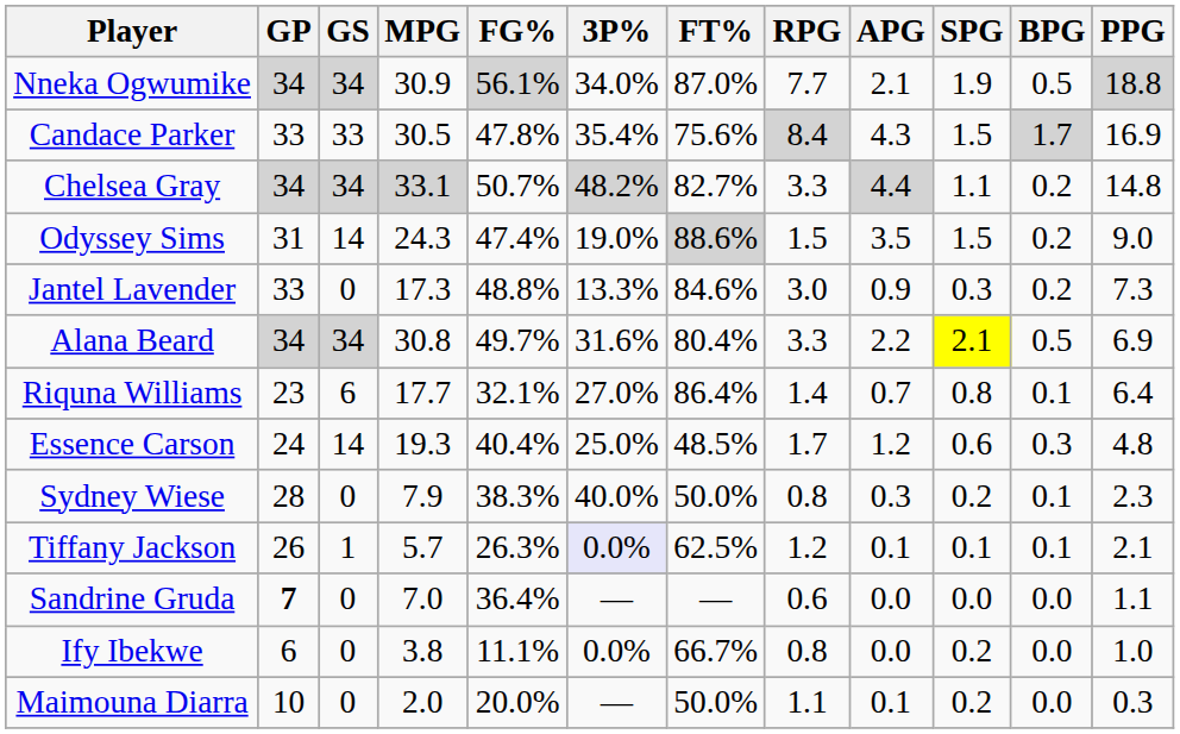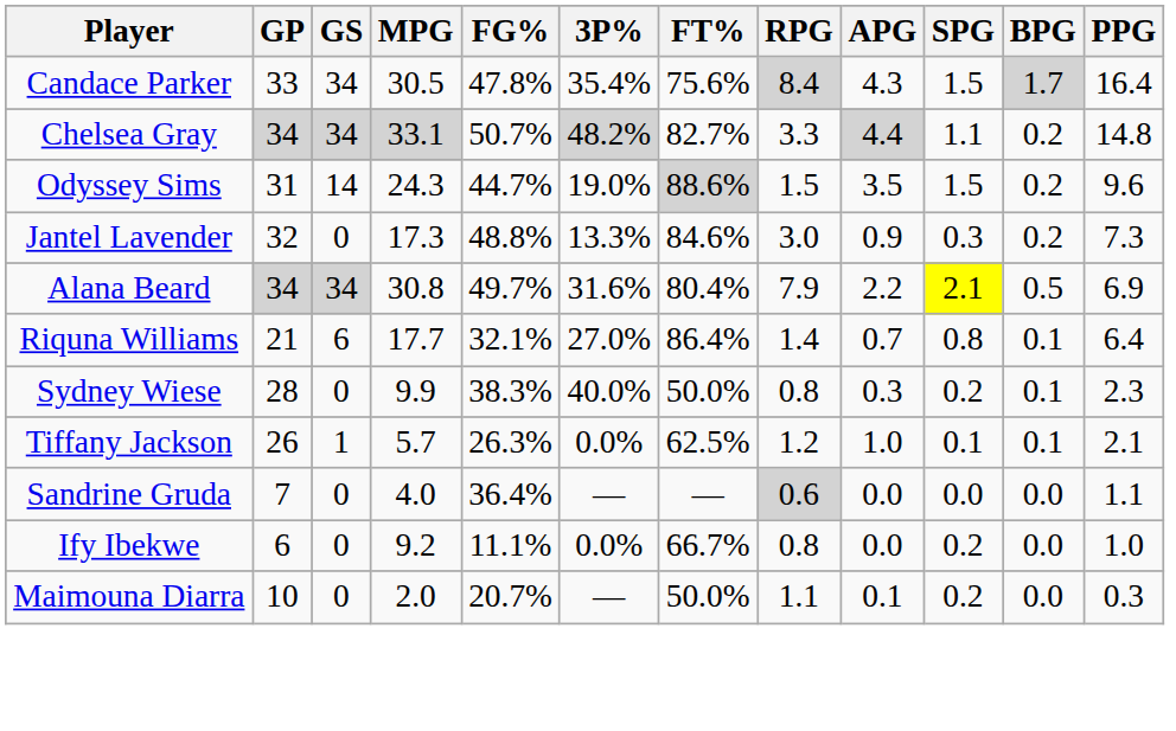 <table class="wikitable sortable" style="text-align:center;">
 <tr>
 <th>Player</th>
 <th>GP</th>
 <th>GS</th>
 <th>MPG</th>
 <th>FG%</th>
 <th>3P%</th>
 <th>FT%</th>
 <th>RPG</th>
 <th>APG</th>
 <th>SPG</th>
 <th>BPG</th>
 <th>PPG</th>
 </tr>
 <tr>
-<td><a href='#'>Nneka Ogwumike</a></td>
-<td style="background:#D3D3D3;">34</td>
-<td style="background:#D3D3D3;">34</td>
-<td>30.9</td>
-<td style="background:#D3D3D3;">56.1%</td>
-<td>34.0%</td>
-<td>87.0%</td>
-<td>7.7</td>
-<td>2.1</td>
-<td>1.9</td>
-<td>0.5</td>
-<td style="background:#D3D3D3;">18.8</td>
-</tr>
-<tr>
 <td><a href='#'>Candace Parker</a></td>
 <td>33</td>
-<td>33</td>
+<td>34</td>
 <td>30.5</td>
 <td>47.8%</td>
 <td>35.4%</td>
 <td>75.6%</td>
 <td style="background:#D3D3D3;">8.4</td>
 <td>4.3</td>
 <td>1.5</td>
 <td style="background:#D3D3D3;">1.7</td>
-<td>16.9</td>
+<td>16.4</td>
 </tr>
 <tr>
 <td><a href='#'>Chelsea Gray</a></td>
 <td style="background:#D3D3D3;">34</td>
 <td style="background:#D3D3D3;">34</td>
 <td style="background:#D3D3D3;">33.1</td>
 <td>50.7%</td>
 <td style="background:#D3D3D3;">48.2%</td>
 <td>82.7%</td>
 <td>3.3</td>
 <td style="background:#D3D3D3;">4.4</td>
 <td>1.1</td>
 <td>0.2</td>
 <td>14.8</td>
 </tr>
 <tr>
 <td><a href='#'>Odyssey Sims</a></td>
 <td>31</td>
 <td>14</td>
 <td>24.3</td>
-<td>47.4%</td>
+<td>44.7%</td>
 <td>19.0%</td>
 <td style="background:#D3D3D3;">88.6%</td>
 <td>1.5</td>
 <td>3.5</td>
 <td>1.5</td>
 <td>0.2</td>
-<td>9.0</td>
+<td>9.6</td>
 </tr>
 <tr>
 <td><a href='#'>Jantel Lavender</a></td>
-<td>33</td>
+<td>32</td>
 <td>0</td>
 <td>17.3</td>
 <td>48.8%</td>
 <td>13.3%</td>
 <td>84.6%</td>
 <td>3.0</td>
 <td>0.9</td>
 <td>0.3</td>
 <td>0.2</td>
 <td>7.3</td>
 </tr>
 <tr>
 <td><a href='#'>Alana Beard</a></td>
 <td style="background:#D3D3D3;">34</td>
 <td style="background:#D3D3D3;">34</td>
 <td>30.8</td>
 <td>49.7%</td>
 <td>31.6%</td>
 <td>80.4%</td>
-<td>3.3</td>
+<td>7.9</td>
 <td>2.2</td>
 <td style="background:yellow;">2.1</td>
 <td>0.5</td>
 <td>6.9</td>
 </tr>
 <tr>
 <td><a href='#'>Riquna Williams</a></td>
-<td>23</td>
+<td>21</td>
 <td>6</td>
 <td>17.7</td>
 <td>32.1%</td>
 <td>27.0%</td>
 <td>86.4%</td>
 <td>1.4</td>
 <td>0.7</td>
 <td>0.8</td>
 <td>0.1</td>
 <td>6.4</td>
 </tr>
 <tr>
-<td><a href='#'>Essence Carson</a></td>
-<td>24</td>
-<td>14</td>
-<td>19.3</td>
-<td>40.4%</td>
-<td>25.0%</td>
-<td>48.5%</td>
-<td>1.7</td>
-<td>1.2</td>
-<td>0.6</td>
-<td>0.3</td>
-<td>4.8</td>
-</tr>
-<tr>
 <td><a href='#'>Sydney Wiese</a></td>
 <td>28</td>
 <td>0</td>
-<td>7.9</td>
+<td>9.9</td>
 <td>38.3%</td>
 <td>40.0%</td>
 <td>50.0%</td>
 <td>0.8</td>
 <td>0.3</td>
 <td>0.2</td>
 <td>0.1</td>
 <td>2.3</td>
 </tr>
 <tr>
 <td><a href='#'>Tiffany Jackson</a></td>
 <td>26</td>
 <td>1</td>
 <td>5.7</td>
 <td>26.3%</td>
-<td style="background: lavender;">0.0%</td>
+<td>0.0%</td>
 <td>62.5%</td>
 <td>1.2</td>
-<td>0.1</td>
+<td>1.0</td>
 <td>0.1</td>
 <td>0.1</td>
 <td>2.1</td>
 </tr>
 <tr>
 <td><a href='#'>Sandrine Gruda</a></td>
-<td><strong>7</strong></td>
+<td>7</td>
 <td>0</td>
-<td>7.0</td>
+<td>4.0</td>
 <td>36.4%</td>
 <td>—</td>
 <td>—</td>
-<td>0.6</td>
+<td style="background: lightgrey;">0.6</td>
 <td>0.0</td>
 <td>0.0</td>
 <td>0.0</td>
 <td>1.1</td>
 </tr>
 <tr>
 <td><a href='#'>Ify Ibekwe</a></td>
 <td>6</td>
 <td>0</td>
-<td>3.8</td>
+<td>9.2</td>
 <td>11.1%</td>
 <td>0.0%</td>
 <td>66.7%</td>
 <td>0.8</td>
 <td>0.0</td>
 <td>0.2</td>
 <td>0.0</td>
 <td>1.0</td>
 </tr>
 <tr>
 <td><a href='#'>Maimouna Diarra</a></td>
 <td>10</td>
 <td>0</td>
 <td>2.0</td>
-<td>20.0%</td>
+<td>20.7%</td>
 <td>—</td>
 <td>50.0%</td>
 <td>1.1</td>
 <td>0.1</td>
 <td>0.2</td>
 <td>0.0</td>
 <td>0.3</td>
 </tr>
 </table>
